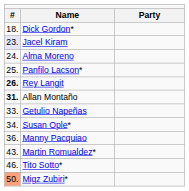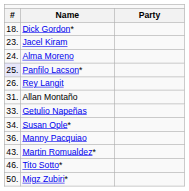 <table class=wikitable style="font-size:90%">
 <tr>
 <td colspan=4 bgcolor=></td>
 </tr>
 <tr>
 <th>#</th>
 <th style="width:150px;">Name</th>
 <th colspan="2" style="width:110px;">Party</th>
 </tr>
 <tr>
 <td>18.</td>
 <td><a href='#'>Dick Gordon</a>*</td>
 <td></td>
 </tr>
 <tr>
-<td style="background: lavender;">23.</td>
+<td>23.</td>
 <td><a href='#'>Jacel Kiram</a></td>
 <td></td>
 </tr>
 <tr>
 <td>24.</td>
 <td><a href='#'>Alma Moreno</a></td>
 <td></td>
 </tr>
 <tr>
-<td>25.</td>
+<td style="background: lavender;">25.</td>
 <td><a href='#'>Panfilo Lacson</a>*</td>
 <td></td>
 </tr>
 <tr>
-<td><strong>26.</strong></td>
+<td>26.</td>
 <td><a href='#'>Rey Langit</a></td>
 <td></td>
 </tr>
 <tr>
-<td><strong>31.</strong></td>
+<td>31.</td>
 <td>Allan Montaño</td>
 <td></td>
 </tr>
 <tr>
 <td>33.</td>
 <td><a href='#'>Getulio Napeñas</a></td>
 <td></td>
 </tr>
 <tr>
 <td>34.</td>
 <td><a href='#'>Susan Ople</a>*</td>
 <td></td>
 </tr>
 <tr>
 <td>36.</td>
 <td><a href='#'>Manny Pacquiao</a></td>
 <td></td>
 </tr>
 <tr>
 <td>43.</td>
 <td><a href='#'>Martin Romualdez</a>*</td>
 <td></td>
 </tr>
 <tr>
 <td>46.</td>
 <td><a href='#'>Tito Sotto</a>*</td>
 <td></td>
 </tr>
 <tr>
-<td style="background: lightsalmon;">50.</td>
+<td>50.</td>
 <td><a href='#'>Migz Zubiri</a>*</td>
 <td></td>
 </tr>
 </table>
